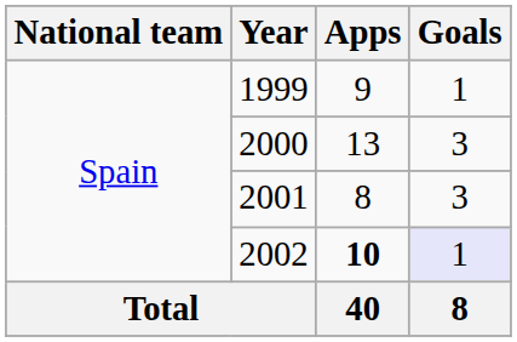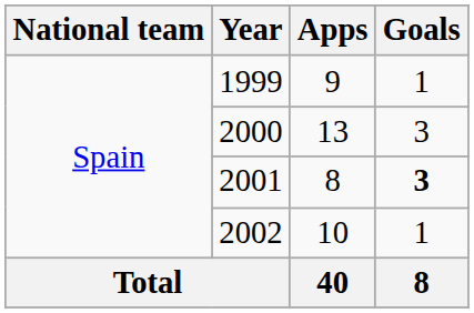 <table class="wikitable" style="text-align:center">
 <tr>
 <th>National team</th>
 <th>Year</th>
 <th>Apps</th>
 <th>Goals</th>
 </tr>
 <tr>
 <td rowspan="4"><a href='#'>Spain</a></td>
 <td>1999</td>
 <td>9</td>
 <td>1</td>
 </tr>
 <tr>
 <td>2000</td>
 <td>13</td>
 <td>3</td>
 </tr>
 <tr>
 <td>2001</td>
 <td>8</td>
-<td>3</td>
+<td><strong>3</strong></td>
 </tr>
 <tr>
 <td>2002</td>
-<td><strong>10</strong></td>
-<td style="background: lavender;">1</td>
+<td>10</td>
+<td>1</td>
 </tr>
 <tr>
 <th colspan="2">Total</th>
 <th>40</th>
 <th>8</th>
 </tr>
 </table>
